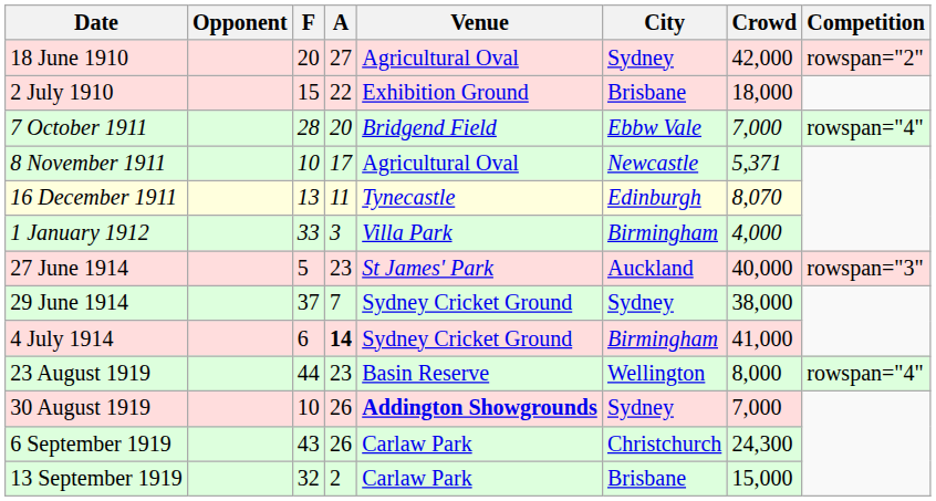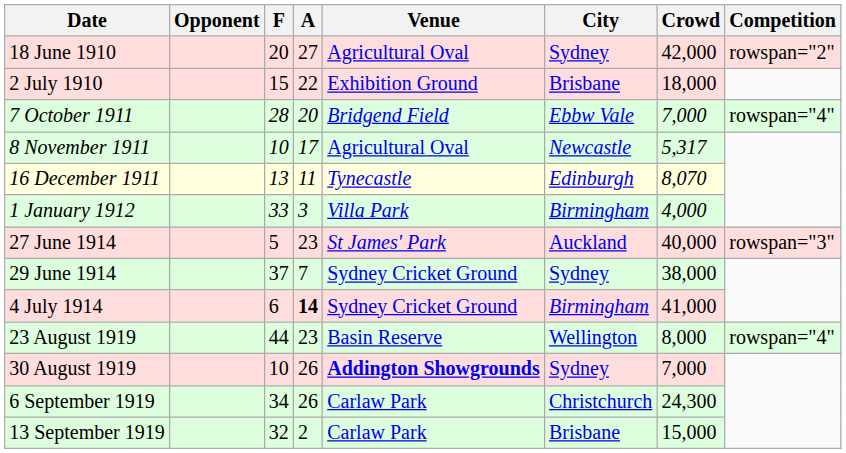 <table class="wikitable sortable">
 <tr>
 <th>Date</th>
 <th>Opponent</th>
 <th>F</th>
 <th>A</th>
 <th>Venue</th>
 <th>City</th>
 <th>Crowd</th>
 <th>Competition</th>
 </tr>
 <tr style="background:#ffdddd;">
 <td>18 June 1910</td>
 <td></td>
 <td>20</td>
 <td>27</td>
 <td><a href='#'>Agricultural Oval</a></td>
 <td><a href='#'>Sydney</a></td>
 <td>42,000</td>
 <td>rowspan="2"</td>
 </tr>
 <tr style="background:#ffdddd;">
 <td>2 July 1910</td>
 <td></td>
 <td>15</td>
 <td>22</td>
 <td><a href='#'>Exhibition Ground</a></td>
 <td><a href='#'>Brisbane</a></td>
 <td>18,000</td>
 </tr>
 <tr style="background:#ddffdd;">
 <td><em>7 October 1911</em></td>
 <td><em></em></td>
 <td><em>28</em></td>
 <td><em>20</em></td>
 <td><em><a href='#'>Bridgend Field</a></em></td>
 <td><em><a href='#'>Ebbw Vale</a></em></td>
 <td><em>7,000</em></td>
 <td>rowspan="4"</td>
 </tr>
 <tr style="background:#ddffdd;">
 <td><em>8 November</em> <em>1911</em></td>
 <td><em></em></td>
 <td><em>10</em></td>
 <td><em>17</em></td>
 <td><a href='#'>Agricultural Oval</a></td>
 <td><a href='#'><em>Newcastle</em></a></td>
-<td><em>5,371</em></td>
+<td><em>5,317</em></td>
 </tr>
 <tr style="background:#ffffdd;">
 <td><em>16 December</em> <em>1911</em></td>
 <td><em></em></td>
 <td><em>13</em></td>
 <td><em>11</em></td>
 <td><a href='#'><em>Tynecastle</em></a></td>
 <td><em><a href='#'>Edinburgh</a></em></td>
 <td><em>8,070</em></td>
 </tr>
 <tr style="background:#ddffdd;">
 <td><em>1 January</em> <em>1912</em></td>
 <td><em></em></td>
 <td><em>33</em></td>
 <td><em>3</em></td>
 <td><em><a href='#'>Villa Park</a></em></td>
 <td><em><a href='#'>Birmingham</a></em></td>
 <td><em>4,000</em></td>
 </tr>
 <tr style="background:#ffdddd;">
 <td>27 June 1914</td>
 <td></td>
 <td>5</td>
 <td>23</td>
 <td><em><a href='#'>St James' Park</a></em></td>
 <td><a href='#'>Auckland</a></td>
 <td>40,000</td>
 <td>rowspan="3"</td>
 </tr>
 <tr style="background:#ddffdd;">
 <td>29 June 1914</td>
 <td></td>
 <td>37</td>
 <td>7</td>
 <td><a href='#'>Sydney Cricket Ground</a></td>
 <td><a href='#'>Sydney</a></td>
 <td>38,000</td>
 </tr>
 <tr style="background:#ffdddd;">
 <td>4 July 1914</td>
 <td></td>
 <td>6</td>
 <td><strong>14</strong></td>
 <td><a href='#'>Sydney Cricket Ground</a></td>
 <td><em><a href='#'>Birmingham</a></em></td>
 <td>41,000</td>
 </tr>
 <tr style="background:#ddffdd;">
 <td>23 August 1919</td>
 <td></td>
 <td>44</td>
 <td>23</td>
 <td><a href='#'>Basin Reserve</a></td>
 <td><a href='#'>Wellington</a></td>
 <td>8,000</td>
 <td>rowspan="4"</td>
 </tr>
 <tr style="background:#ffdddd;">
 <td>30 August 1919</td>
 <td></td>
 <td>10</td>
 <td>26</td>
 <td><strong><a href='#'>Addington Showgrounds</a></strong></td>
 <td><a href='#'>Sydney</a></td>
 <td>7,000</td>
 </tr>
 <tr style="background:#ddffdd;">
 <td>6 September 1919</td>
 <td></td>
-<td>43</td>
+<td>34</td>
 <td>26</td>
 <td><a href='#'>Carlaw Park</a></td>
 <td><a href='#'>Christchurch</a></td>
 <td>24,300</td>
 </tr>
 <tr style="background:#ddffdd;">
 <td>13 September 1919</td>
 <td></td>
 <td>32</td>
 <td>2</td>
 <td><a href='#'>Carlaw Park</a></td>
 <td><a href='#'>Brisbane</a></td>
 <td>15,000</td>
 </tr>
 </table>
